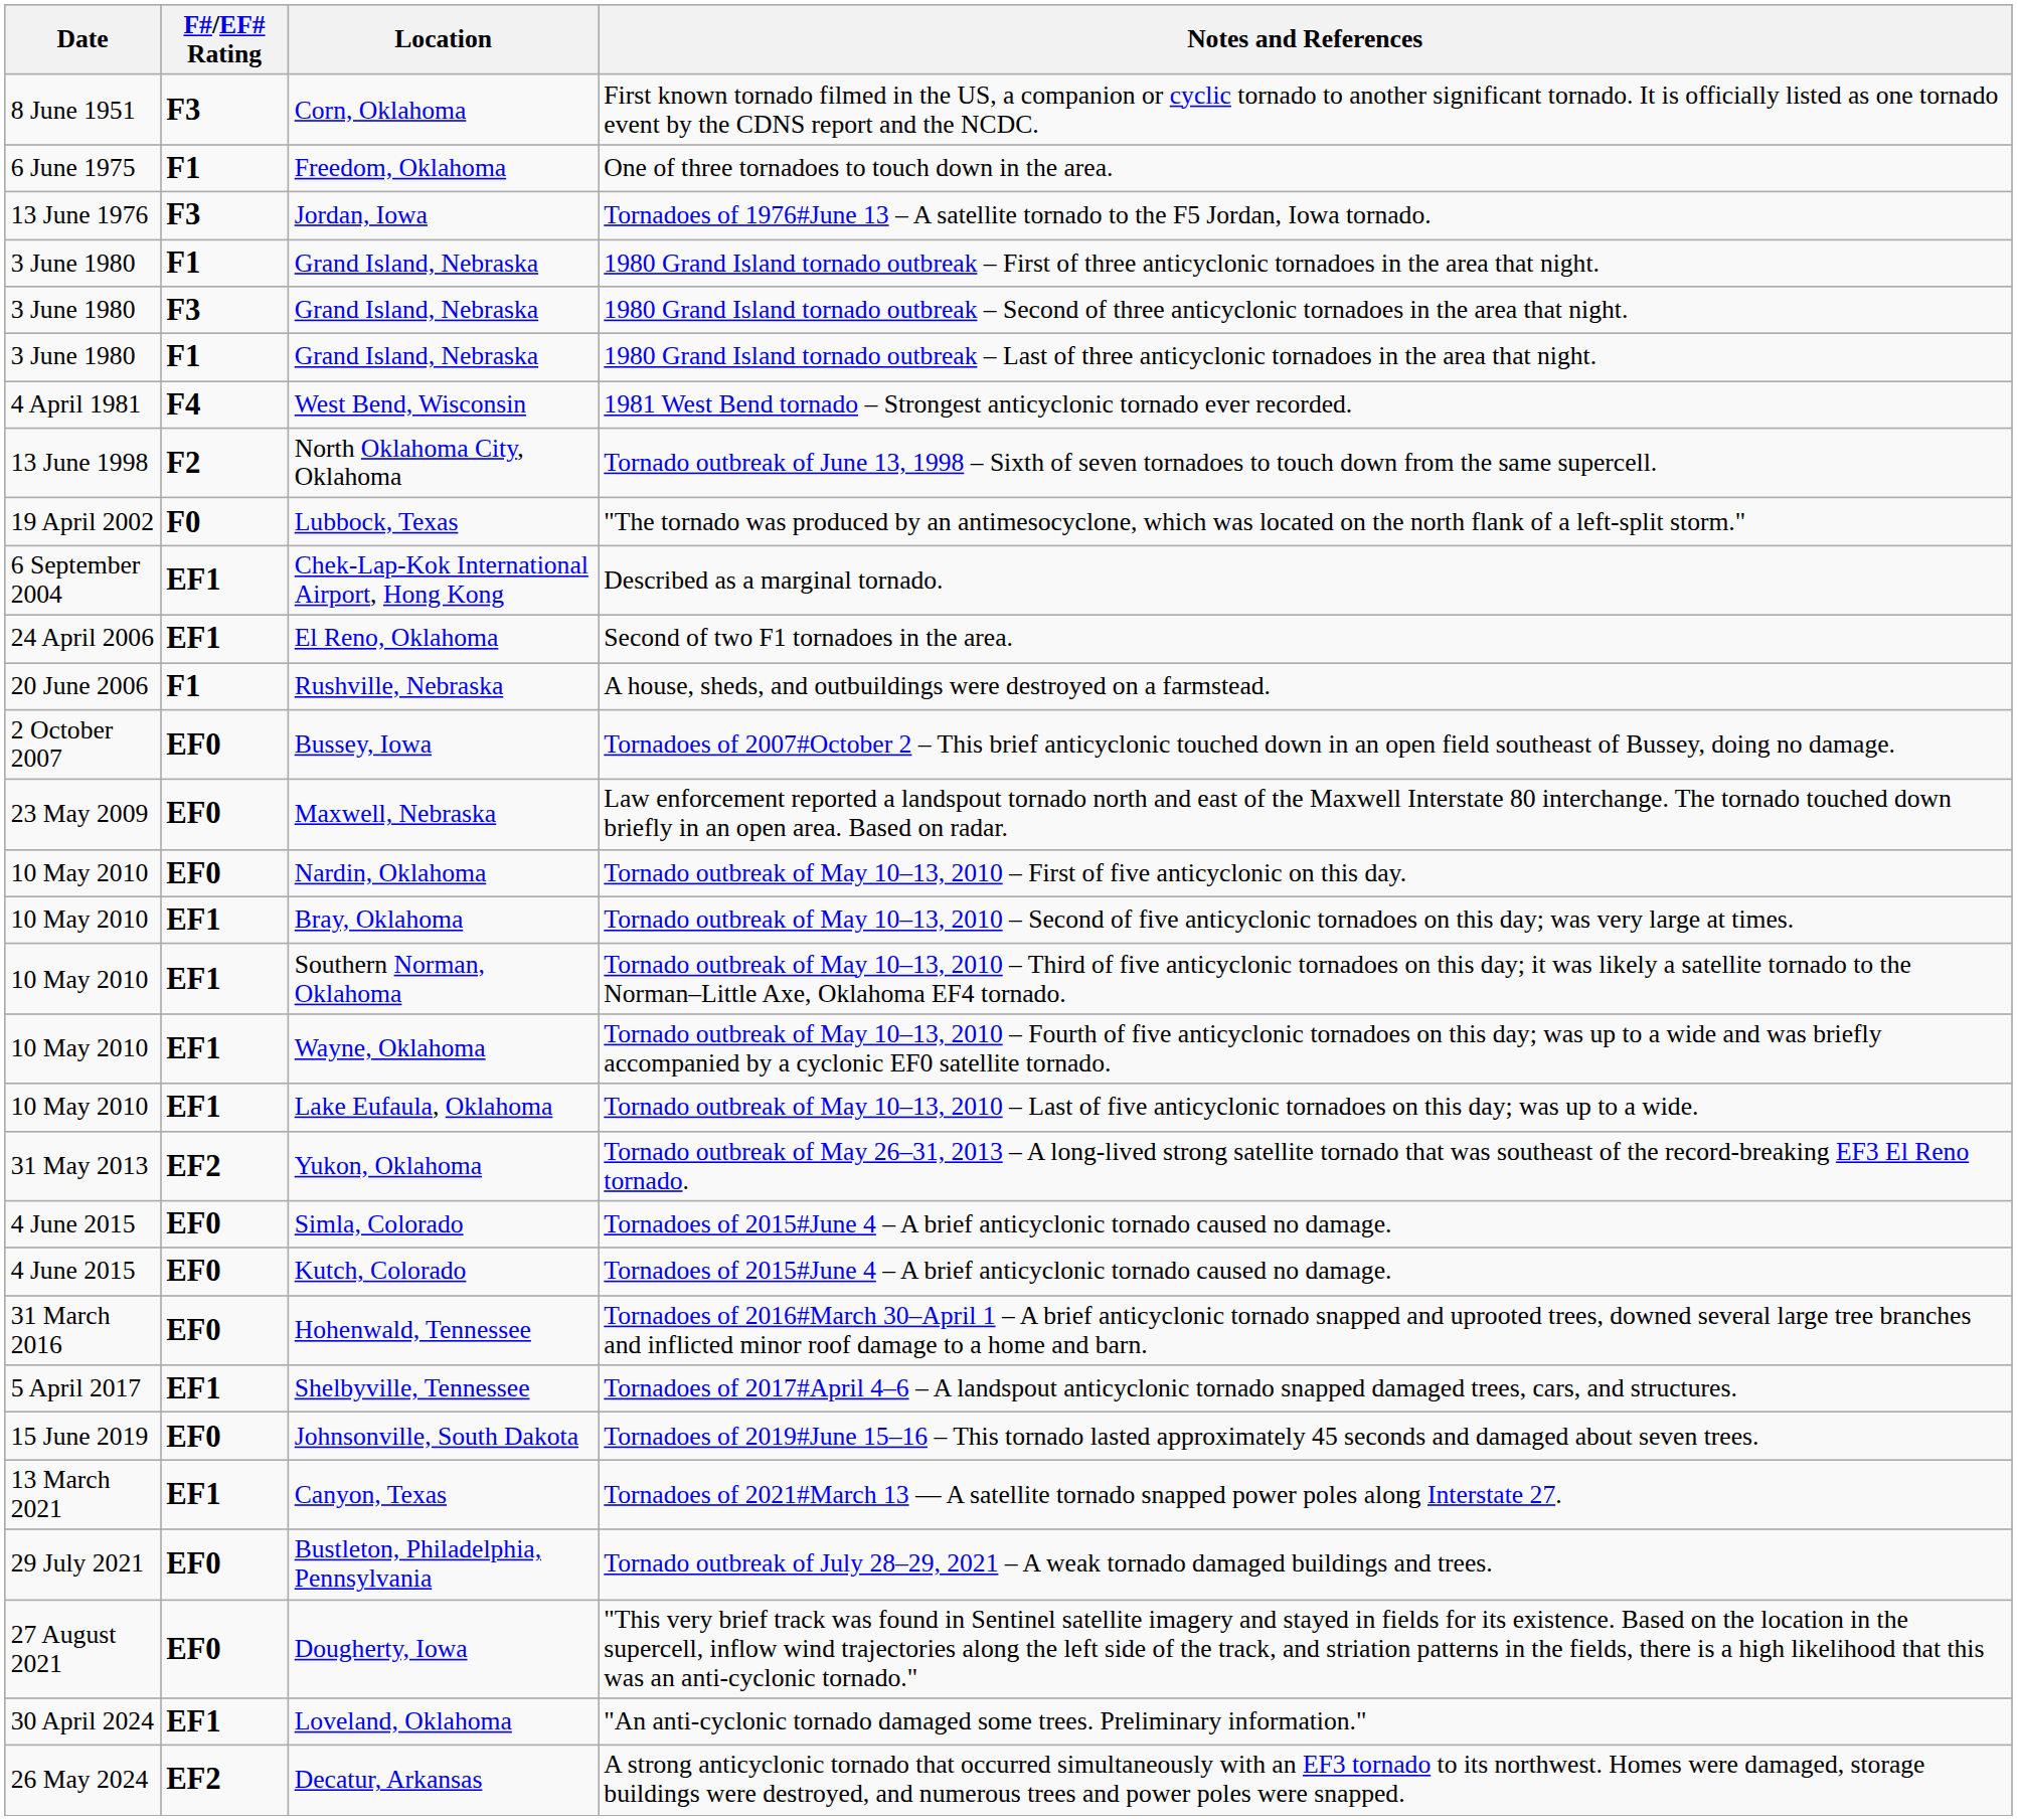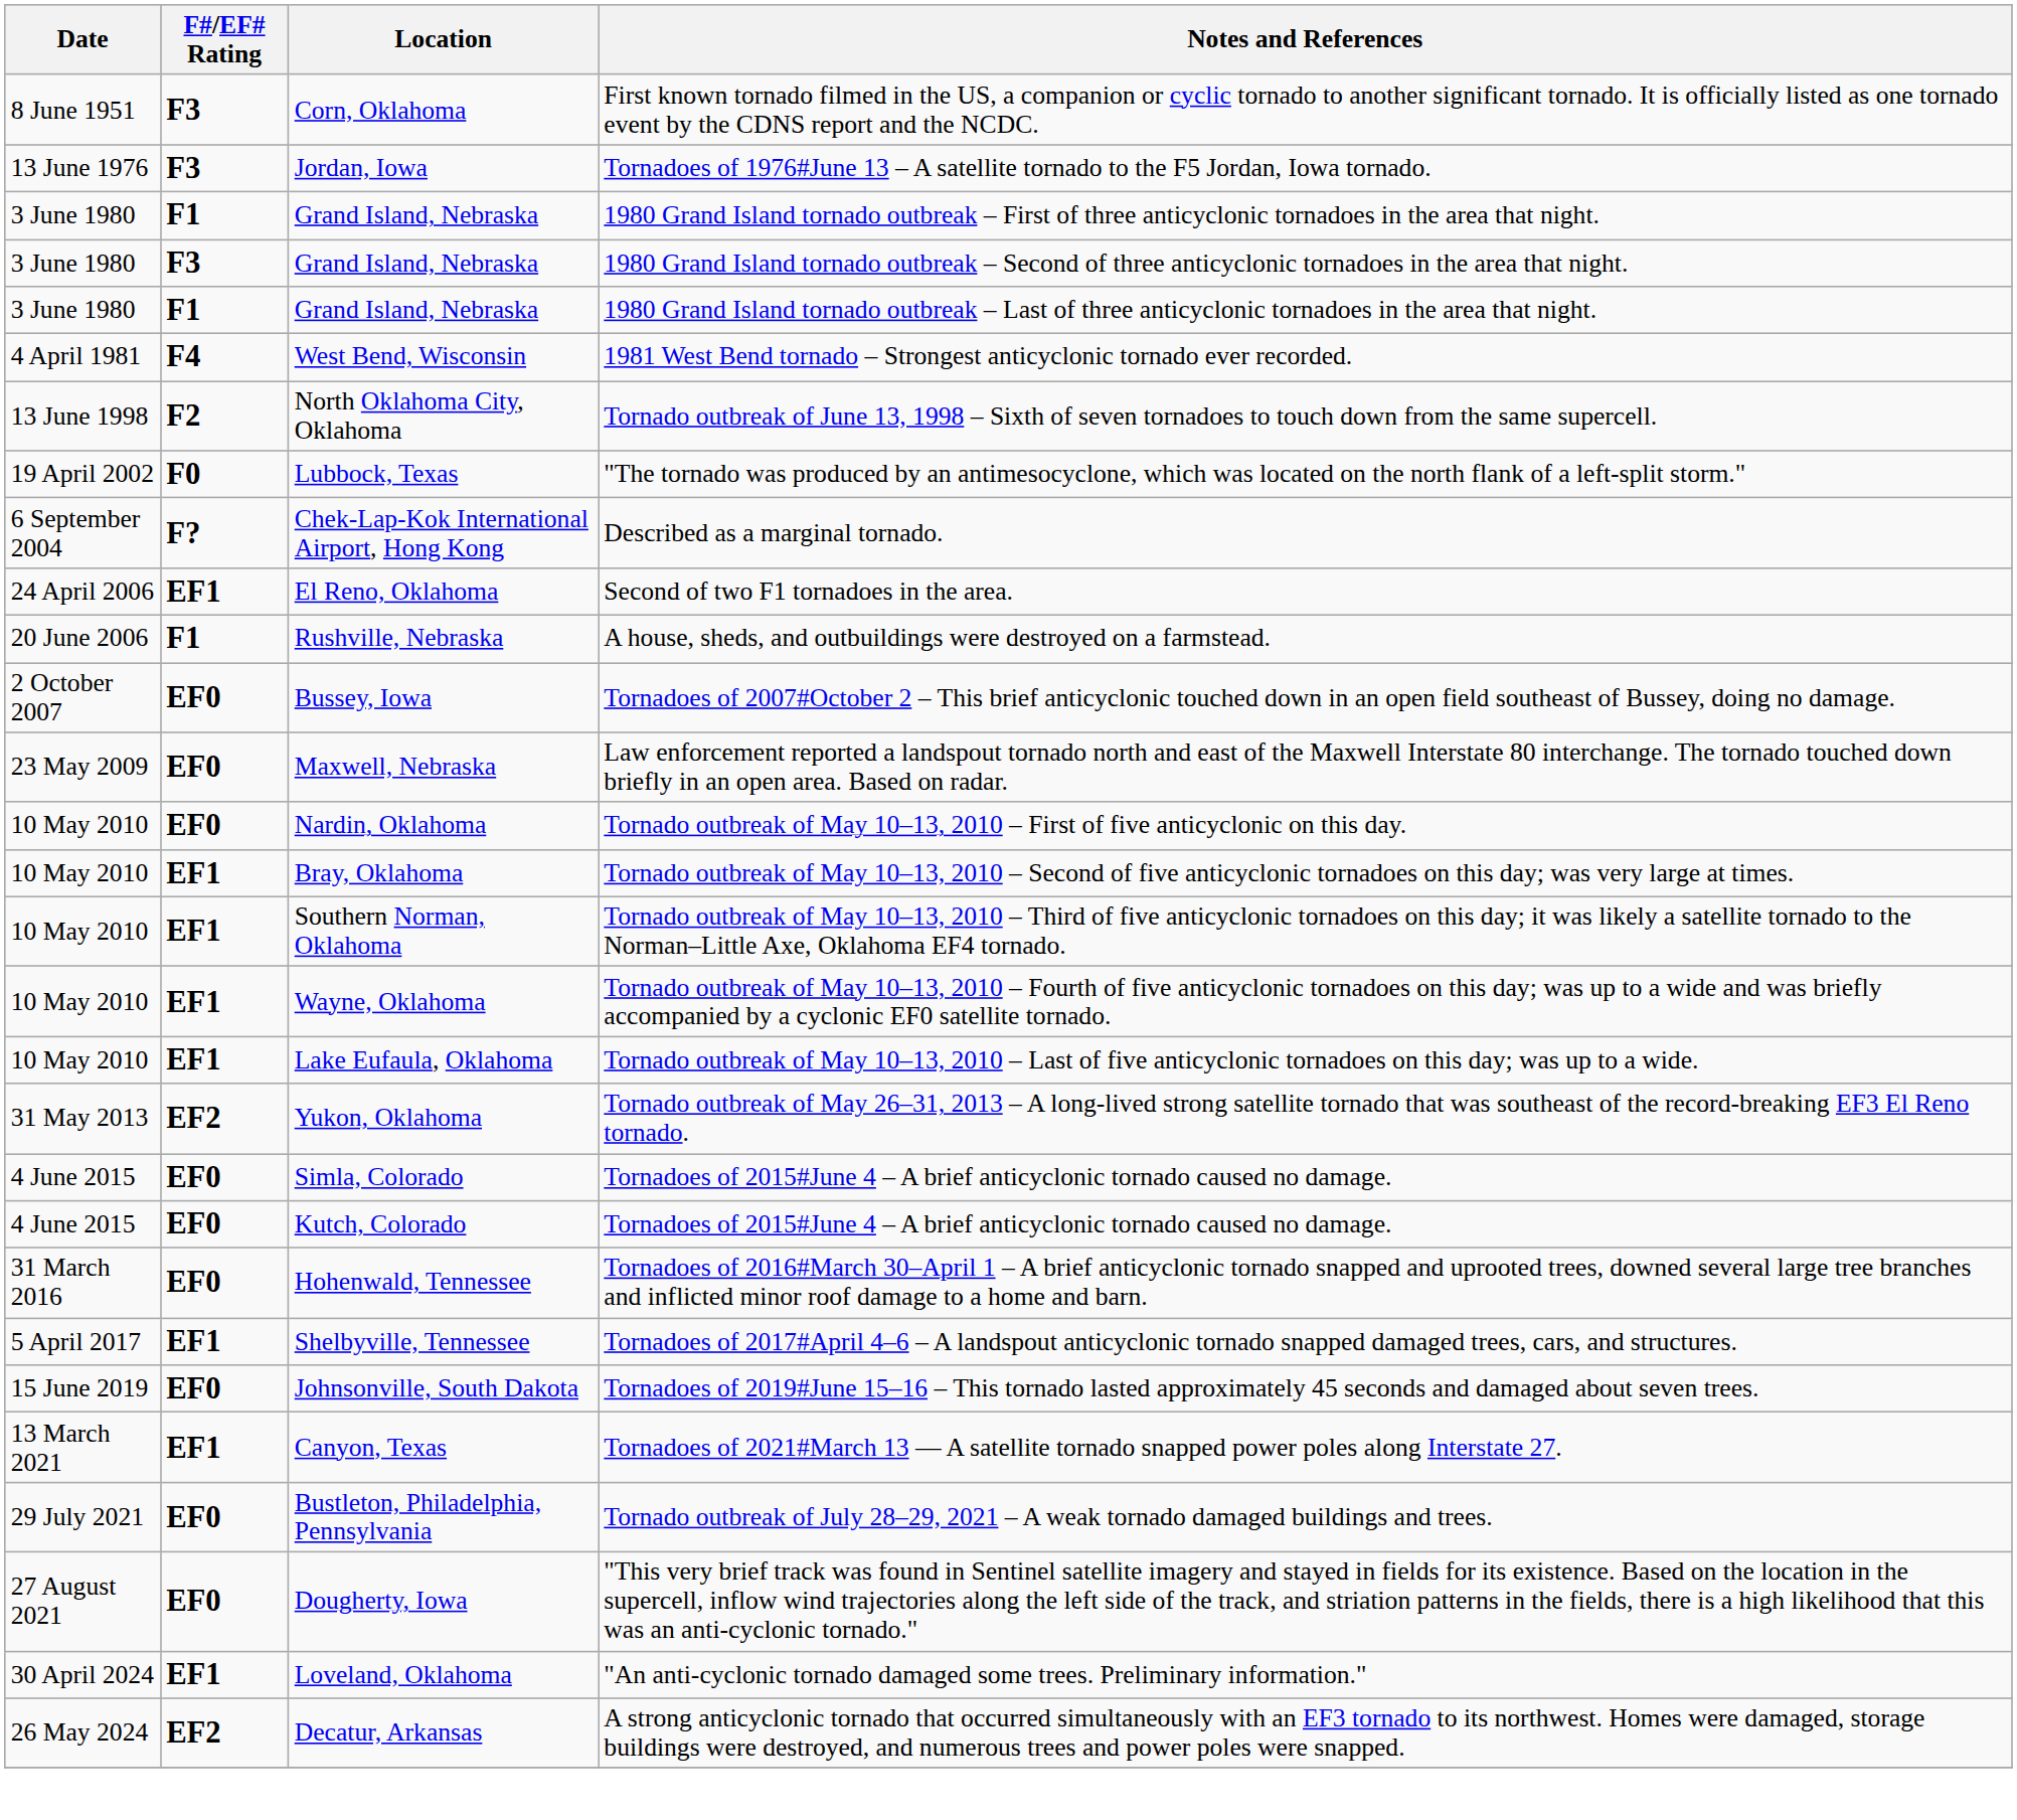 <table class="wikitable sortable">
 <tr>
 <th>Date</th>
 <th><a href='#'>F#</a>/<a href='#'>EF#</a> Rating</th>
 <th>Location</th>
 <th>Notes and References</th>
 </tr>
 <tr>
 <td>8 June 1951</td>
 <td><big><strong>F3</strong></big></td>
 <td><a href='#'>Corn, Oklahoma</a></td>
 <td>First known tornado filmed in the US, a companion or <a href='#'>cyclic</a> tornado to another significant tornado. It is officially listed as one tornado event by the CDNS report and the NCDC.</td>
-</tr>
-<tr>
-<td>6 June 1975</td>
-<td><big><strong>F1</strong></big></td>
-<td><a href='#'>Freedom, Oklahoma</a></td>
-<td>One of three tornadoes to touch down in the area.</td>
 </tr>
 <tr>
 <td>13 June 1976</td>
 <td><big><strong>F3</strong></big></td>
 <td><a href='#'>Jordan, Iowa</a></td>
 <td><a href='#'>Tornadoes of 1976#June 13</a> – A satellite tornado to the F5 Jordan, Iowa tornado.</td>
 </tr>
 <tr>
 <td>3 June 1980</td>
 <td><big><strong>F1</strong></big></td>
 <td><a href='#'>Grand Island, Nebraska</a></td>
 <td><a href='#'>1980 Grand Island tornado outbreak</a> – First of three anticyclonic tornadoes in the area that night.</td>
 </tr>
 <tr>
 <td>3 June 1980</td>
 <td><big><strong>F3</strong></big></td>
 <td><a href='#'>Grand Island, Nebraska</a></td>
 <td><a href='#'>1980 Grand Island tornado outbreak</a> – Second of three anticyclonic tornadoes in the area that night.</td>
 </tr>
 <tr>
 <td>3 June 1980</td>
 <td><big><strong>F1</strong></big></td>
 <td><a href='#'>Grand Island, Nebraska</a></td>
 <td><a href='#'>1980 Grand Island tornado outbreak</a> – Last of three anticyclonic tornadoes in the area that night.</td>
 </tr>
 <tr>
 <td>4 April 1981</td>
 <td><big><strong>F4</strong></big></td>
 <td><a href='#'>West Bend, Wisconsin</a></td>
 <td><a href='#'>1981 West Bend tornado</a> – Strongest anticyclonic tornado ever recorded.</td>
 </tr>
 <tr>
 <td>13 June 1998</td>
 <td><big><strong>F2</strong></big></td>
 <td>North <a href='#'>Oklahoma City</a>, Oklahoma</td>
 <td><a href='#'>Tornado outbreak of June 13, 1998</a> – Sixth of seven tornadoes to touch down from the same supercell.</td>
 </tr>
 <tr>
 <td>19 April 2002</td>
 <td><big><strong>F0</strong></big></td>
 <td><a href='#'>Lubbock, Texas</a></td>
 <td>"The tornado was produced by an antimesocyclone, which was located on the north flank of a left-split storm."</td>
 </tr>
 <tr>
 <td>6 September 2004</td>
-<td><big><strong>EF1</strong></big></td>
+<td><big><strong>F?</strong></big></td>
 <td><a href='#'>Chek-Lap-Kok International Airport</a>, <a href='#'>Hong Kong</a></td>
 <td>Described as a marginal tornado.</td>
 </tr>
 <tr>
 <td>24 April 2006</td>
 <td><big><strong>EF1</strong></big></td>
 <td><a href='#'>El Reno, Oklahoma</a></td>
 <td>Second of two F1 tornadoes in the area.</td>
 </tr>
 <tr>
 <td>20 June 2006</td>
 <td><big><strong>F1</strong></big></td>
 <td><a href='#'>Rushville, Nebraska</a></td>
 <td>A house, sheds, and outbuildings were destroyed on a farmstead.</td>
 </tr>
 <tr>
 <td>2 October 2007</td>
 <td><big><strong>EF0</strong></big></td>
 <td><a href='#'>Bussey, Iowa</a></td>
 <td><a href='#'>Tornadoes of 2007#October 2</a> – This brief anticyclonic touched down in an open field southeast of Bussey, doing no damage.</td>
 </tr>
 <tr>
 <td>23 May 2009</td>
 <td><big><strong>EF0</strong></big></td>
 <td><a href='#'>Maxwell, Nebraska</a></td>
 <td>Law enforcement reported a landspout tornado north and east of the Maxwell Interstate 80 interchange. The tornado touched down briefly in an open area. Based on radar.</td>
 </tr>
 <tr>
 <td>10 May 2010</td>
 <td><big><strong>EF0</strong></big></td>
 <td><a href='#'>Nardin, Oklahoma</a></td>
 <td><a href='#'>Tornado outbreak of May 10–13, 2010</a> – First of five anticyclonic on this day.</td>
 </tr>
 <tr>
 <td>10 May 2010</td>
 <td><big><strong>EF1</strong></big></td>
 <td><a href='#'>Bray, Oklahoma</a></td>
 <td><a href='#'>Tornado outbreak of May 10–13, 2010</a> – Second of five anticyclonic tornadoes on this day; was very large at times.</td>
 </tr>
 <tr>
 <td>10 May 2010</td>
 <td><big><strong>EF1</strong></big></td>
 <td>Southern <a href='#'>Norman, Oklahoma</a></td>
 <td><a href='#'>Tornado outbreak of May 10–13, 2010</a> – Third of five anticyclonic tornadoes on this day; it was likely a satellite tornado to the Norman–Little Axe, Oklahoma EF4 tornado.</td>
 </tr>
 <tr>
 <td>10 May 2010</td>
 <td><big><strong>EF1</strong></big></td>
 <td><a href='#'>Wayne, Oklahoma</a></td>
 <td><a href='#'>Tornado outbreak of May 10–13, 2010</a> – Fourth of five anticyclonic tornadoes on this day; was up to a  wide and was briefly accompanied by a cyclonic EF0 satellite tornado.</td>
 </tr>
 <tr>
 <td>10 May 2010</td>
 <td><big><strong>EF1</strong></big></td>
 <td><a href='#'>Lake Eufaula</a>, <a href='#'>Oklahoma</a></td>
 <td><a href='#'>Tornado outbreak of May 10–13, 2010</a> – Last of five anticyclonic tornadoes on this day; was up to a  wide.</td>
 </tr>
 <tr>
 <td>31 May 2013</td>
 <td><big><strong>EF2</strong></big></td>
 <td><a href='#'>Yukon, Oklahoma</a></td>
 <td><a href='#'>Tornado outbreak of May 26–31, 2013</a> – A long-lived strong satellite tornado that was southeast of the record-breaking <a href='#'>EF3 El Reno tornado</a>.</td>
 </tr>
 <tr>
 <td>4 June 2015</td>
 <td><big><strong>EF0</strong></big></td>
 <td><a href='#'>Simla, Colorado</a></td>
 <td><a href='#'>Tornadoes of 2015#June 4</a> – A brief anticyclonic tornado caused no damage.</td>
 </tr>
 <tr>
 <td>4 June 2015</td>
 <td><big><strong>EF0</strong></big></td>
 <td><a href='#'>Kutch, Colorado</a></td>
 <td><a href='#'>Tornadoes of 2015#June 4</a> – A brief anticyclonic tornado caused no damage.</td>
 </tr>
 <tr>
 <td>31 March 2016</td>
 <td><big><strong>EF0</strong></big></td>
 <td><a href='#'>Hohenwald, Tennessee</a></td>
 <td><a href='#'>Tornadoes of 2016#March 30–April 1</a> – A brief anticyclonic tornado snapped and uprooted trees, downed several large tree branches and inflicted minor roof damage to a home and barn.</td>
 </tr>
 <tr>
 <td>5 April 2017</td>
 <td><big><strong>EF1</strong></big></td>
 <td><a href='#'>Shelbyville, Tennessee</a></td>
 <td><a href='#'>Tornadoes of 2017#April 4–6</a> – A landspout anticyclonic tornado snapped damaged trees, cars, and structures.</td>
 </tr>
 <tr>
 <td>15 June 2019</td>
 <td><big><strong>EF0</strong></big></td>
 <td><a href='#'>Johnsonville, South Dakota</a></td>
 <td><a href='#'>Tornadoes of 2019#June 15–16</a> – This tornado lasted approximately 45 seconds and damaged about seven trees.</td>
 </tr>
 <tr>
 <td>13 March 2021</td>
 <td><big><strong>EF1</strong></big></td>
 <td><a href='#'>Canyon, Texas</a></td>
 <td><a href='#'>Tornadoes of 2021#March 13</a> — A satellite tornado snapped power poles along <a href='#'>Interstate 27</a>.</td>
 </tr>
 <tr>
 <td>29 July 2021</td>
 <td><big><strong>EF0</strong></big></td>
 <td><a href='#'>Bustleton, Philadelphia, Pennsylvania</a></td>
 <td><a href='#'>Tornado outbreak of July 28–29, 2021</a> – A weak tornado damaged buildings and trees.</td>
 </tr>
 <tr>
 <td>27 August 2021</td>
 <td><big><strong>EF0</strong></big></td>
 <td><a href='#'>Dougherty, Iowa</a></td>
 <td>"This very brief track was found in Sentinel satellite imagery and stayed in fields for its existence. Based on the location in the supercell, inflow wind trajectories along the left side of the track, and striation patterns in the fields, there is a high likelihood that this was an anti-cyclonic tornado."</td>
 </tr>
 <tr>
 <td>30 April 2024</td>
 <td><big><strong>EF1</strong></big></td>
 <td><a href='#'>Loveland, Oklahoma</a></td>
 <td>"An anti-cyclonic tornado damaged some trees. Preliminary information."</td>
 </tr>
 <tr>
 <td>26 May 2024</td>
 <td><big><strong>EF2</strong></big></td>
 <td><a href='#'>Decatur, Arkansas</a></td>
 <td>A strong anticyclonic tornado that occurred simultaneously with an <a href='#'>EF3 tornado</a> to its northwest. Homes were damaged, storage buildings were destroyed, and numerous trees and power poles were snapped.</td>
 </tr>
 <tr>
 </tr>
 </table>
